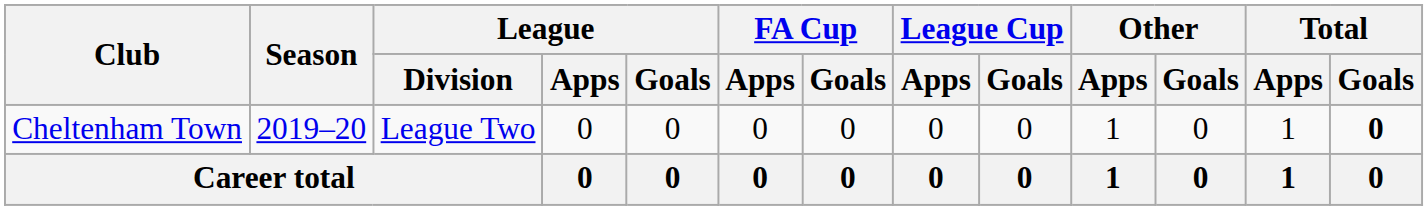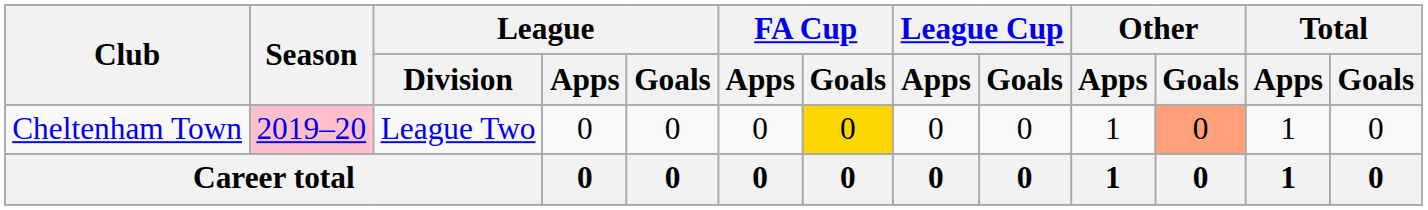 <table class="wikitable" style="text-align: center">
 <tr>
 <th rowspan="2">Club</th>
 <th rowspan="2">Season</th>
 <th colspan="3">League</th>
 <th colspan="2"><a href='#'>FA Cup</a></th>
 <th colspan="2"><a href='#'>League Cup</a></th>
 <th colspan="2">Other</th>
 <th colspan="2">Total</th>
 </tr>
 <tr>
 <th>Division</th>
 <th>Apps</th>
 <th>Goals</th>
 <th>Apps</th>
 <th>Goals</th>
 <th>Apps</th>
 <th>Goals</th>
 <th>Apps</th>
 <th>Goals</th>
 <th>Apps</th>
 <th>Goals</th>
 </tr>
 <tr>
 <td><a href='#'>Cheltenham Town</a></td>
-<td><a href='#'>2019–20</a></td>
+<td style="background: pink;"><a href='#'>2019–20</a></td>
 <td><a href='#'>League Two</a></td>
 <td>0</td>
 <td>0</td>
 <td>0</td>
-<td>0</td>
+<td style="background: gold;">0</td>
 <td>0</td>
 <td>0</td>
 <td>1</td>
+<td style="background: lightsalmon;">0</td>
+<td>1</td>
 <td>0</td>
-<td>1</td>
-<td><strong>0</strong></td>
 </tr>
 <tr>
 <th colspan="3">Career total</th>
 <th>0</th>
 <th>0</th>
 <th>0</th>
 <th>0</th>
 <th>0</th>
 <th>0</th>
 <th>1</th>
 <th>0</th>
 <th>1</th>
 <th>0</th>
 </tr>
 </table>
